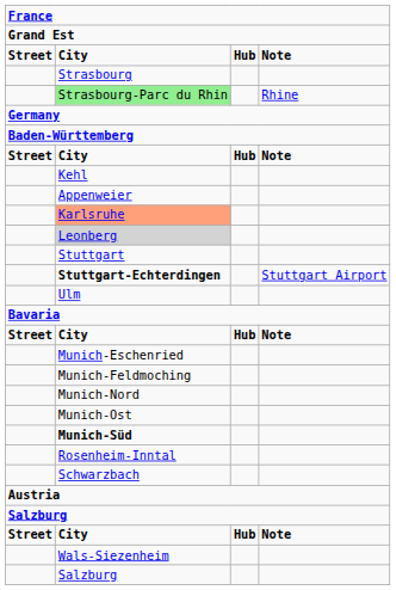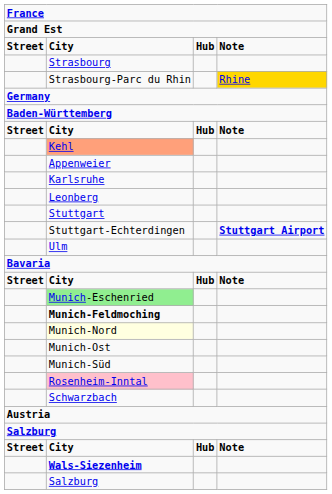 <table class="wikitable">
 <tr>
 <td colspan="6"><strong><a href='#'>France</a></strong></td>
 </tr>
 <tr>
 <td colspan="6"><strong>Grand Est</strong></td>
 </tr>
 <tr>
 <td><strong>Street</strong></td>
 <td><strong>City</strong></td>
 <td><strong>Hub</strong></td>
 <td><strong>Note</strong></td>
 </tr>
 <tr>
 <td></td>
 <td><a href='#'>Strasbourg</a></td>
 <td></td>
 <td></td>
 </tr>
 <tr>
 <td></td>
-<td style="background: lightgreen;">Strasbourg-Parc du Rhin</td>
+<td>Strasbourg-Parc du Rhin</td>
 <td></td>
-<td><a href='#'>Rhine</a></td>
+<td style="background: gold;"><a href='#'>Rhine</a></td>
 </tr>
 <tr>
 <td colspan="6"><strong><a href='#'>Germany</a></strong></td>
 </tr>
 <tr>
 <td colspan="6"><strong><a href='#'>Baden-Württemberg</a></strong></td>
 </tr>
 <tr>
 <td><strong>Street</strong></td>
 <td><strong>City</strong></td>
 <td><strong>Hub</strong></td>
 <td><strong>Note</strong></td>
 </tr>
 <tr>
 <td> </td>
-<td><a href='#'>Kehl</a></td>
+<td style="background: lightsalmon;"><a href='#'>Kehl</a></td>
 <td></td>
 <td></td>
 </tr>
 <tr>
 <td></td>
 <td><a href='#'>Appenweier</a></td>
 <td></td>
 <td></td>
 </tr>
 <tr>
 <td></td>
-<td style="background: lightsalmon;"><a href='#'>Karlsruhe</a></td>
+<td><a href='#'>Karlsruhe</a></td>
 <td></td>
 <td></td>
 </tr>
 <tr>
 <td></td>
-<td style="background: lightgrey;"><a href='#'>Leonberg</a></td>
+<td><a href='#'>Leonberg</a></td>
 <td></td>
 <td></td>
 </tr>
 <tr>
 <td></td>
 <td><a href='#'>Stuttgart</a></td>
 <td></td>
 <td></td>
 </tr>
 <tr>
 <td></td>
-<td><strong>Stuttgart-Echterdingen</strong></td>
+<td>Stuttgart-Echterdingen</td>
 <td></td>
-<td><a href='#'>Stuttgart Airport</a></td>
+<td><strong><a href='#'>Stuttgart Airport</a></strong></td>
 </tr>
 <tr>
 <td></td>
 <td><a href='#'>Ulm</a></td>
 <td></td>
 <td></td>
 </tr>
 <tr>
 <td colspan="6"><strong><a href='#'>Bavaria</a></strong></td>
 </tr>
 <tr>
 <td><strong>Street</strong></td>
 <td><strong>City</strong></td>
 <td><strong>Hub</strong></td>
 <td><strong>Note</strong></td>
 </tr>
 <tr>
 <td></td>
-<td><a href='#'>Munich</a>-Eschenried</td>
+<td style="background: lightgreen;"><a href='#'>Munich</a>-Eschenried</td>
 <td></td>
 <td></td>
 </tr>
 <tr>
 <td></td>
-<td>Munich-Feldmoching</td>
+<td><strong>Munich-Feldmoching</strong></td>
 <td></td>
 <td></td>
 </tr>
 <tr>
 <td></td>
-<td>Munich-Nord</td>
+<td style="background: lightyellow;">Munich-Nord</td>
 <td></td>
 <td></td>
 </tr>
 <tr>
 <td></td>
 <td>Munich-Ost</td>
 <td></td>
 <td></td>
 </tr>
 <tr>
 <td></td>
-<td><strong>Munich-Süd</strong></td>
+<td>Munich-Süd</td>
 <td></td>
 <td></td>
 </tr>
 <tr>
 <td></td>
-<td><a href='#'>Rosenheim-Inntal</a></td>
+<td style="background: pink;"><a href='#'>Rosenheim-Inntal</a></td>
 <td></td>
 <td></td>
 </tr>
 <tr>
 <td></td>
 <td><a href='#'>Schwarzbach</a></td>
 <td></td>
 <td></td>
 </tr>
 <tr>
 <td colspan="6"><strong>Austria</strong></td>
 </tr>
 <tr>
 <td colspan="6"><strong><a href='#'>Salzburg</a></strong></td>
 </tr>
 <tr>
 <td><strong>Street</strong></td>
 <td><strong>City</strong></td>
 <td><strong>Hub</strong></td>
 <td><strong>Note</strong></td>
 </tr>
 <tr>
 <td></td>
-<td><a href='#'>Wals-Siezenheim</a></td>
+<td><strong><a href='#'>Wals-Siezenheim</a></strong></td>
 <td></td>
 <td></td>
 </tr>
 <tr>
 <td></td>
 <td><a href='#'>Salzburg</a></td>
 <td></td>
 </tr>
 </table>
